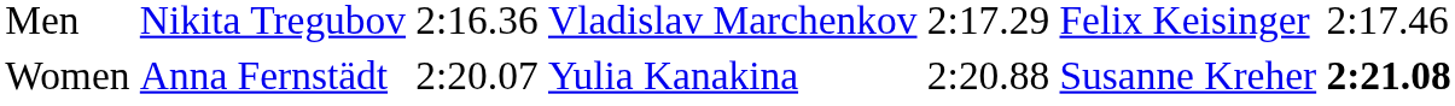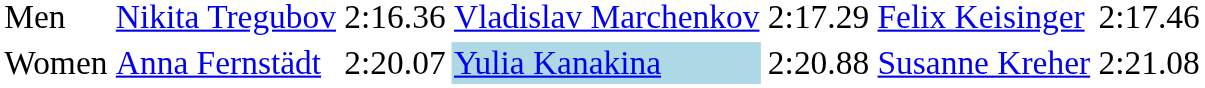 <table>
 <tr>
 <td>Men</td>
 <td><a href='#'>Nikita Tregubov</a><br></td>
 <td>2:16.36</td>
 <td><a href='#'>Vladislav Marchenkov</a><br></td>
 <td>2:17.29</td>
 <td><a href='#'>Felix Keisinger</a><br></td>
 <td>2:17.46</td>
 </tr>
 <tr>
 <td>Women</td>
 <td><a href='#'>Anna Fernstädt</a><br></td>
 <td>2:20.07</td>
-<td><a href='#'>Yulia Kanakina</a><br></td>
+<td style="background: lightblue;"><a href='#'>Yulia Kanakina</a><br></td>
 <td>2:20.88</td>
 <td><a href='#'>Susanne Kreher</a><br></td>
-<td><strong>2:21.08</strong></td>
+<td>2:21.08</td>
 </tr>
 </table>
